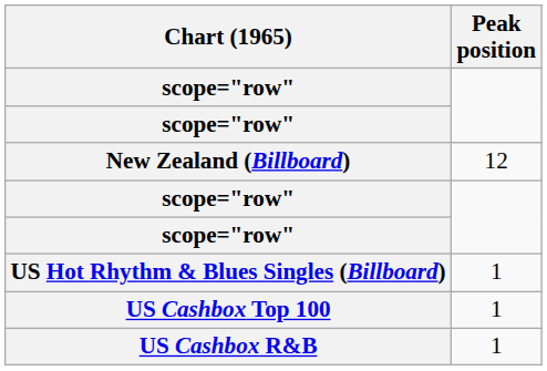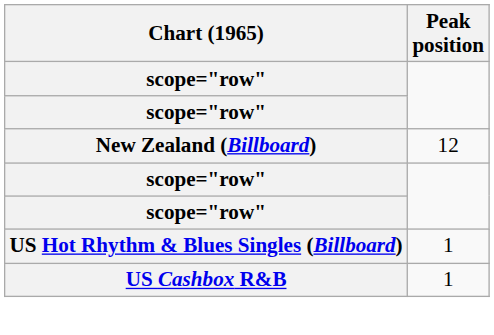 <table class="wikitable sortable plainrowheaders">
 <tr>
 <th scope="col">Chart (1965)</th>
 <th scope="col">Peak<br>position</th>
 </tr>
 <tr>
 <th>scope="row" </th>
 </tr>
 <tr>
 <th>scope="row" </th>
 </tr>
 <tr>
 <th scope="row">New Zealand (<a href='#'><em>Billboard</em></a>)</th>
 <td style="text-align:center;">12</td>
 </tr>
 <tr>
 <th>scope="row" </th>
 </tr>
 <tr>
 <th>scope="row" </th>
 </tr>
 <tr>
 <th scope="row">US <a href='#'>Hot Rhythm & Blues Singles</a> (<em><a href='#'>Billboard</a></em>)</th>
 <td style="text-align:center;">1</td>
 </tr>
 <tr>
-<th scope="row"><a href='#'>US <em>Cashbox</em> Top 100</a></th>
-<td style="text-align:center;">1</td>
-</tr>
-<tr>
 <th scope="row"><a href='#'>US <em>Cashbox</em> R&B</a></th>
 <td style="text-align:center;">1</td>
 </tr>
 </table>
